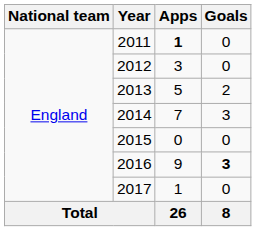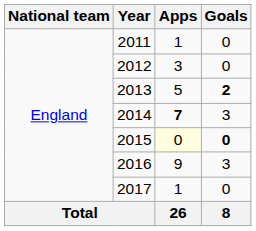 <table class="wikitable" style="text-align: center;">
 <tr>
 <th>National team</th>
 <th>Year</th>
 <th>Apps</th>
 <th>Goals</th>
 </tr>
 <tr>
 <td rowspan="7"><a href='#'>England</a></td>
 <td>2011</td>
-<td><strong>1</strong></td>
+<td>1</td>
 <td>0</td>
 </tr>
 <tr>
 <td>2012</td>
 <td>3</td>
 <td>0</td>
 </tr>
 <tr>
 <td>2013</td>
 <td>5</td>
-<td>2</td>
+<td><strong>2</strong></td>
 </tr>
 <tr>
 <td>2014</td>
-<td>7</td>
+<td><strong>7</strong></td>
 <td>3</td>
 </tr>
 <tr>
 <td>2015</td>
-<td>0</td>
-<td>0</td>
+<td style="background: lightyellow;">0</td>
+<td><strong>0</strong></td>
 </tr>
 <tr>
 <td>2016</td>
 <td>9</td>
-<td><strong>3</strong></td>
+<td>3</td>
 </tr>
 <tr>
 <td>2017</td>
 <td>1</td>
 <td>0</td>
 </tr>
 <tr>
 <th colspan="2">Total</th>
 <th>26</th>
 <th>8</th>
 </tr>
 </table>
